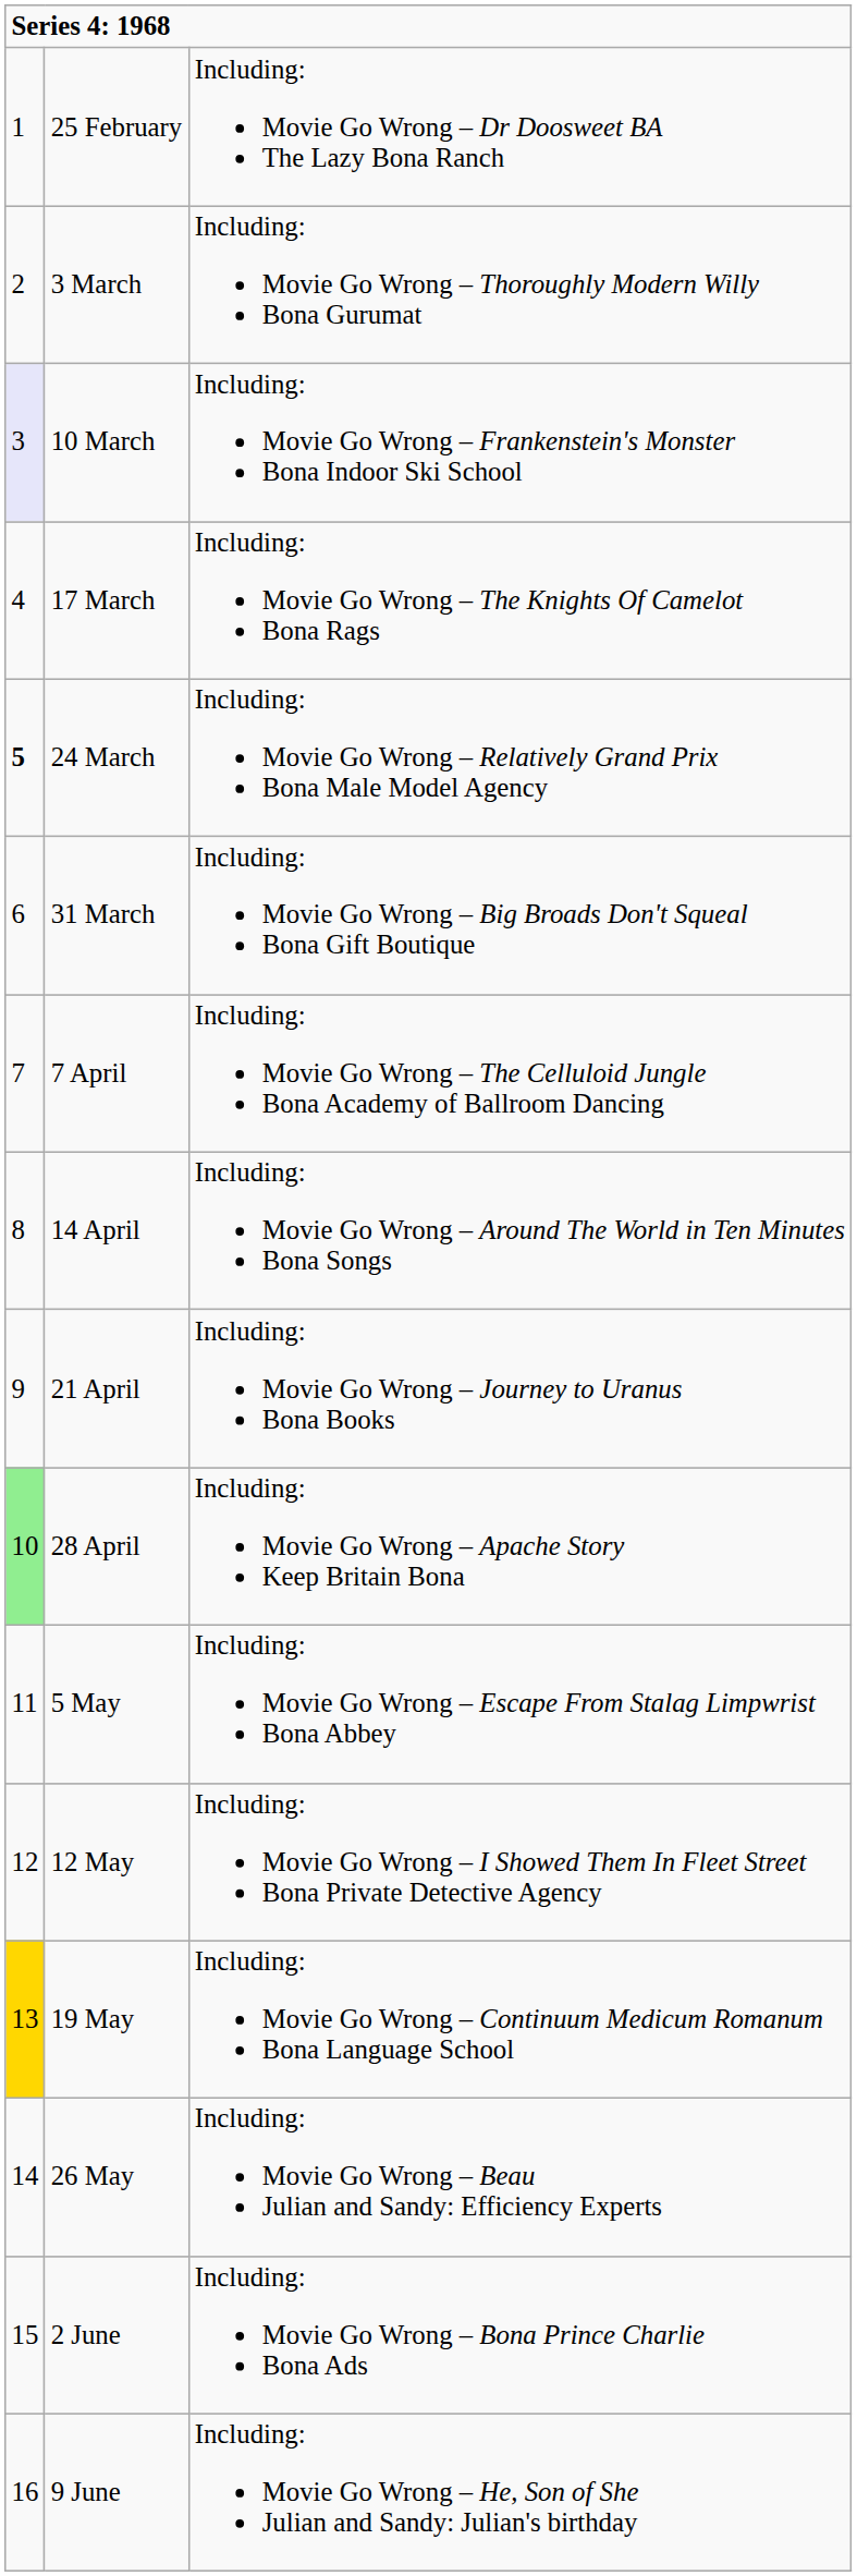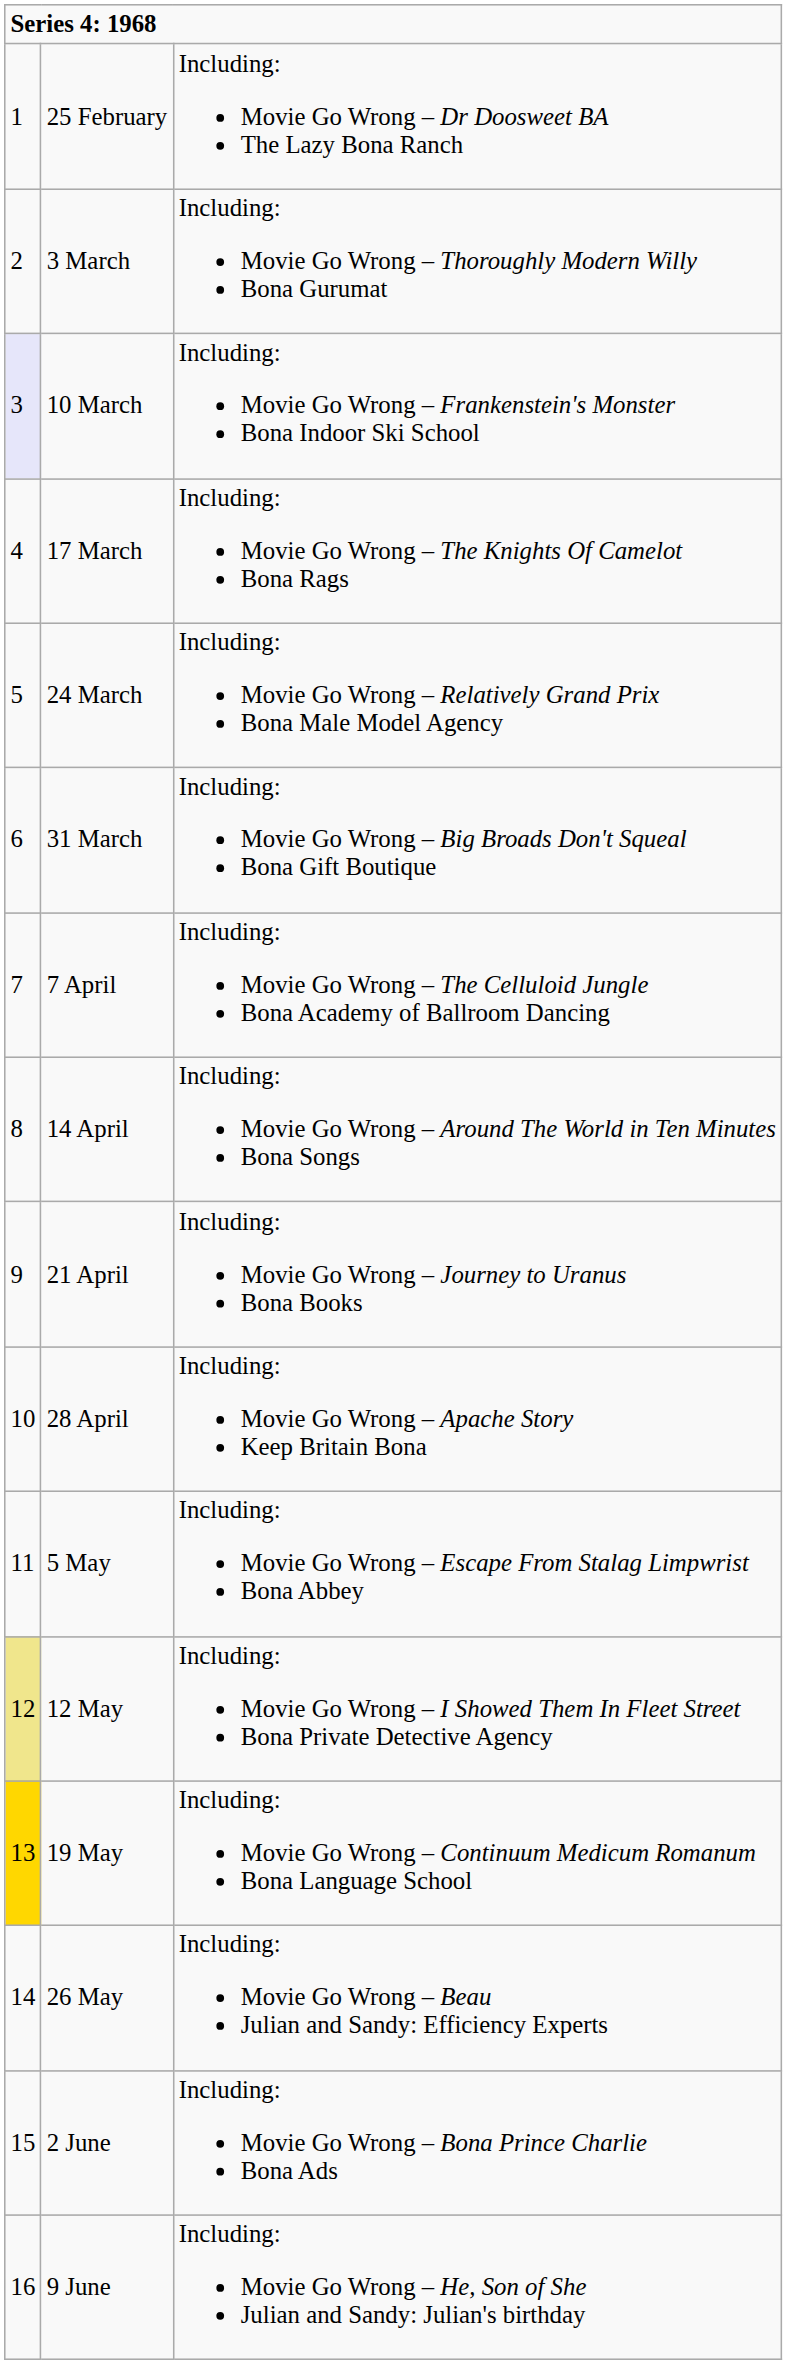 <table class="wikitable sortable plainrowheaders" style="text-align: left; margin-right: 0;">
 <tr>
 <td colspan="3"><strong>Series 4: 1968</strong></td>
 </tr>
 <tr>
 <td>1</td>
 <td>25 February</td>
 <td>Including:<br><ul><li>Movie Go Wrong – <em>Dr Doosweet BA</em></li><li>The Lazy Bona Ranch</li></ul></td>
 </tr>
 <tr>
 <td>2</td>
 <td>3 March</td>
 <td>Including:<br><ul><li>Movie Go Wrong – <em>Thoroughly Modern Willy</em></li><li>Bona Gurumat</li></ul></td>
 </tr>
 <tr>
 <td style="background: lavender;">3</td>
 <td>10 March</td>
 <td>Including:<br><ul><li>Movie Go Wrong – <em>Frankenstein's Monster</em></li><li>Bona Indoor Ski School</li></ul></td>
 </tr>
 <tr>
 <td>4</td>
 <td>17 March</td>
 <td>Including:<br><ul><li>Movie Go Wrong – <em>The Knights Of Camelot</em></li><li>Bona Rags</li></ul></td>
 </tr>
 <tr>
-<td><strong>5</strong></td>
+<td>5</td>
 <td>24 March</td>
 <td>Including:<br><ul><li>Movie Go Wrong – <em>Relatively Grand Prix</em></li><li>Bona Male Model Agency</li></ul></td>
 </tr>
 <tr>
 <td>6</td>
 <td>31 March</td>
 <td>Including:<br><ul><li>Movie Go Wrong – <em>Big Broads Don't Squeal</em></li><li>Bona Gift Boutique</li></ul></td>
 </tr>
 <tr>
 <td>7</td>
 <td>7 April</td>
 <td>Including:<br><ul><li>Movie Go Wrong – <em>The Celluloid Jungle</em></li><li>Bona Academy of Ballroom Dancing</li></ul></td>
 </tr>
 <tr>
 <td>8</td>
 <td>14 April</td>
 <td>Including:<br><ul><li>Movie Go Wrong – <em>Around The World in Ten Minutes </em></li><li>Bona Songs</li></ul></td>
 </tr>
 <tr>
 <td>9</td>
 <td>21 April</td>
 <td>Including:<br><ul><li>Movie Go Wrong – <em>Journey to Uranus</em></li><li>Bona Books</li></ul></td>
 </tr>
 <tr>
-<td style="background: lightgreen;">10</td>
+<td>10</td>
 <td>28 April</td>
 <td>Including:<br><ul><li>Movie Go Wrong – <em>Apache Story</em></li><li>Keep Britain Bona</li></ul></td>
 </tr>
 <tr>
 <td>11</td>
 <td>5 May</td>
 <td>Including:<br><ul><li>Movie Go Wrong – <em>Escape From Stalag Limpwrist</em></li><li>Bona Abbey</li></ul></td>
 </tr>
 <tr>
-<td>12</td>
+<td style="background: khaki;">12</td>
 <td>12 May</td>
 <td>Including:<br><ul><li>Movie Go Wrong – <em>I Showed Them In Fleet Street</em></li><li>Bona Private Detective Agency</li></ul></td>
 </tr>
 <tr>
 <td style="background: gold;">13</td>
 <td>19 May</td>
 <td>Including:<br><ul><li>Movie Go Wrong – <em>Continuum Medicum Romanum</em></li><li>Bona Language School</li></ul></td>
 </tr>
 <tr>
 <td>14</td>
 <td>26 May</td>
 <td>Including:<br><ul><li>Movie Go Wrong – <em>Beau</em></li><li>Julian and Sandy: Efficiency Experts</li></ul></td>
 </tr>
 <tr>
 <td>15</td>
 <td>2 June</td>
 <td>Including:<br><ul><li>Movie Go Wrong – <em>Bona Prince Charlie</em></li><li>Bona Ads</li></ul></td>
 </tr>
 <tr>
 <td>16</td>
 <td>9 June</td>
 <td>Including:<br><ul><li>Movie Go Wrong – <em>He, Son of She</em></li><li>Julian and Sandy: Julian's birthday</li></ul></td>
 </tr>
 </table>
